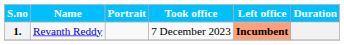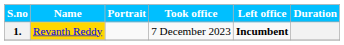 <table class="wikitable">
 <tr>
 <th Style="background-color:#00BFFF; color:white">S.no</th>
 <th Style="background-color:#00BFFF; color:white">Name</th>
 <th Style="background-color:#00BFFF; color:white">Portrait</th>
 <th Style="background-color:#00BFFF; color:white">Took office</th>
 <th Style="background-color:#00BFFF; color:white">Left office</th>
 <th Style="background-color:#00BFFF; color:white">Duration</th>
 </tr>
 <tr>
 <th>1.</th>
-<td><a href='#'>Revanth Reddy</a></td>
+<td style="background: gold;"><a href='#'>Revanth Reddy</a></td>
 <td></td>
 <td>7 December 2023</td>
-<td style="background: lightsalmon;"><strong>Incumbent</strong></td>
+<td><strong>Incumbent</strong></td>
 <th></th>
 </tr>
 <tr>
 </tr>
 </table>
